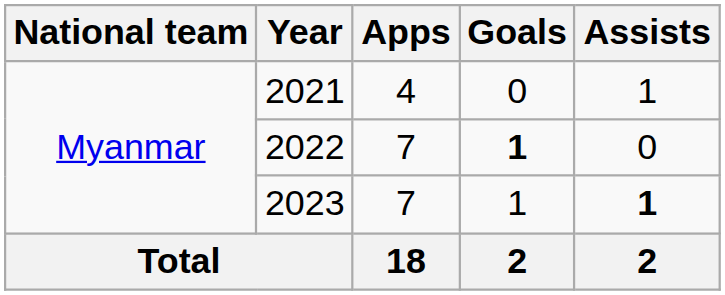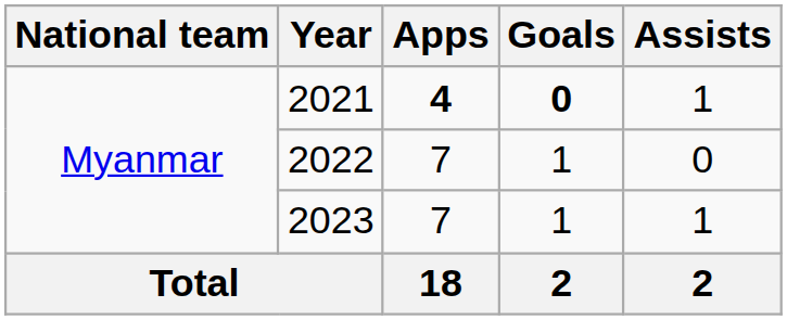 <table class=wikitable style=text-align:center>
 <tr>
 <th>National team</th>
 <th>Year</th>
 <th>Apps</th>
 <th>Goals</th>
 <th>Assists</th>
 </tr>
 <tr>
 <td rowspan=3><a href='#'>Myanmar</a></td>
 <td>2021</td>
-<td>4</td>
-<td>0</td>
+<td><strong>4</strong></td>
+<td><strong>0</strong></td>
 <td>1</td>
 </tr>
 <tr>
 <td>2022</td>
 <td>7</td>
-<td><strong>1</strong></td>
+<td>1</td>
 <td>0</td>
 </tr>
 <tr>
 <td>2023</td>
 <td>7</td>
 <td>1</td>
-<td><strong>1</strong></td>
+<td>1</td>
 </tr>
 <tr>
 <th colspan=2>Total</th>
 <th>18</th>
 <th>2</th>
 <th>2</th>
 </tr>
 </table>
